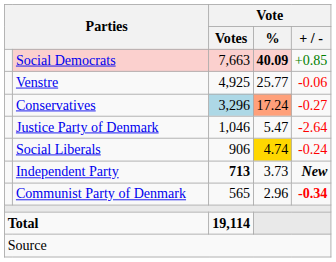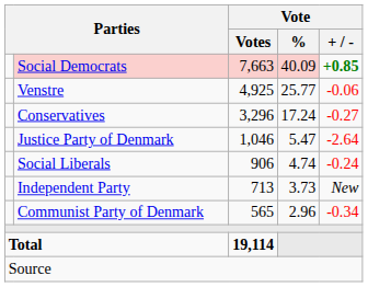 <table class="wikitable" style="text-align:right;">
 <tr>
 <th style="text-align:centre;" rowspan="2" colspan="2" width="225">Parties</th>
 <th colspan="3">Vote</th>
 </tr>
 <tr>
 <th width="15">Votes</th>
 <th width="15">%</th>
 <th width="15">+ / -</th>
 </tr>
 <tr>
 <td width="2" style="color:inherit;background:"></td>
 <td bgcolor=#fbd0ce  align="left"><a href='#'>Social Democrats</a></td>
 <td bgcolor=#fbd0ce>7,663</td>
-<td bgcolor=#fbd0ce><strong>40.09</strong></td>
-<td style=color:green;>+0.85</td>
+<td bgcolor=#fbd0ce>40.09</td>
+<td style=color:green;><strong>+0.85</strong></td>
 </tr>
 <tr>
 <td width="2" style="color:inherit;background:"></td>
 <td align="left"><a href='#'>Venstre</a></td>
 <td>4,925</td>
 <td>25.77</td>
 <td style=color:red;>-0.06</td>
 </tr>
 <tr>
 <td width="2" style="color:inherit;background:"></td>
 <td align="left"><a href='#'>Conservatives</a></td>
-<td style="background: lightblue;">3,296</td>
-<td style="background: lightsalmon;">17.24</td>
+<td>3,296</td>
+<td>17.24</td>
 <td style=color:red;>-0.27</td>
 </tr>
 <tr>
 <td width="2" style="color:inherit;background:"></td>
 <td align="left"><a href='#'>Justice Party of Denmark</a></td>
 <td>1,046</td>
 <td>5.47</td>
 <td style=color:red;>-2.64</td>
 </tr>
 <tr>
 <td width="2" style="color:inherit;background:"></td>
 <td align="left"><a href='#'>Social Liberals</a></td>
 <td>906</td>
-<td style="background: gold;">4.74</td>
+<td>4.74</td>
 <td style=color:red;>-0.24</td>
 </tr>
 <tr>
 <td width="2" style="color:inherit;background:"></td>
 <td align="left"><a href='#'>Independent Party</a></td>
-<td><strong>713</strong></td>
+<td>713</td>
 <td>3.73</td>
-<td><strong><em>New</em></strong></td>
+<td><em>New</em></td>
 </tr>
 <tr>
 <td width="2" style="color:inherit;background:"></td>
 <td align="left"><a href='#'>Communist Party of Denmark</a></td>
 <td>565</td>
 <td>2.96</td>
-<td style=color:red;><strong>-0.34</strong></td>
+<td style=color:red;>-0.34</td>
 </tr>
 <tr>
 <td colspan="7" bgcolor="#E9E9E9"></td>
 </tr>
 <tr>
 <td align="left" colspan="2"><strong>Total</strong></td>
 <td><strong>19,114</strong></td>
 <td bgcolor="#E9E9E9" colspan="2"></td>
 </tr>
 <tr>
 <td align="left" colspan="6">Source</td>
 </tr>
 </table>
